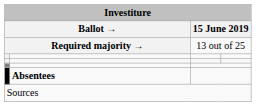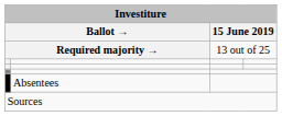 <table class="wikitable" style="text-align:center; font-size:95%;">
 <tr bgcolor="#E9E9E9">
 <td colspan="4" align="center" bgcolor="#C0C0C0"><strong>Investiture</strong></td>
 </tr>
 <tr>
 <th colspan="2" width="275px">Ballot →</th>
 <th colspan="2">15 June 2019</th>
 </tr>
 <tr>
 <th colspan="2">Required majority →</th>
 <td colspan="2">13 out of 25</td>
 </tr>
 <tr>
 <th width="1px" style="background:"></th>
 <td align="left"></td>
 <td></td>
 <td></td>
 </tr>
 <tr>
 <th style="color:inherit;background:"></th>
 <td align="left"></td>
 <td></td>
 <td></td>
 </tr>
 <tr>
 <th style="color:inherit;background:gray;"></th>
 <td align="left"></td>
 <td colspan="2"></td>
 </tr>
 <tr>
 <th style="color:inherit;background:black;"></th>
-<td align="left"><strong>Absentees</strong></td>
+<td align="left">Absentees</td>
 <td colspan="2"></td>
 </tr>
 <tr>
 <td align="left" colspan="4">Sources</td>
 </tr>
 </table>
